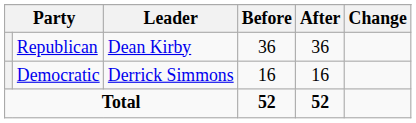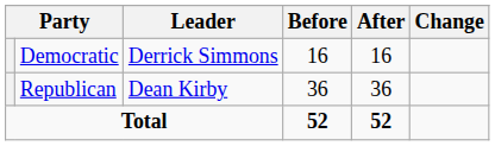 <table class="wikitable" style="text-align:center;">
 <tr>
 </tr>
 <tr>
 <th colspan=2>Party</th>
 <th>Leader</th>
 <th>Before</th>
 <th>After</th>
 <th>Change</th>
 </tr>
 <tr>
 <th style="background-color:"></th>
+<td style="text-align:left;"><a href='#'>Democratic</a></td>
+<td style="text-align:left;"><a href='#'>Derrick Simmons</a></td>
+<td>16</td>
+<td>16</td>
+<td></td>
+</tr>
+<tr>
+<th style="background-color:"></th>
 <td style="text-align:left;"><a href='#'>Republican</a></td>
 <td style="text-align:left;"><a href='#'>Dean Kirby</a></td>
 <td>36</td>
 <td>36</td>
-<td></td>
-</tr>
-<tr>
-<th style="background-color:"></th>
-<td style="text-align:left;"><a href='#'>Democratic</a></td>
-<td style="text-align:left;"><a href='#'>Derrick Simmons</a></td>
-<td>16</td>
-<td>16</td>
 <td></td>
 </tr>
 <tr>
 <td colspan=3><strong>Total</strong></td>
 <td><strong>52</strong></td>
 <td><strong>52</strong></td>
 </tr>
 </table>
